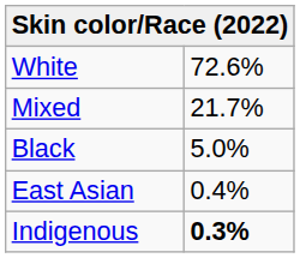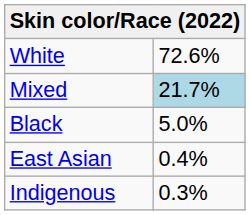 <table class="wikitable" table style="border:1px #000000;" cellspacing="0" align="centre" style="margin-left: 1em">
 <tr>
 <th style="background:#f0f0f0;" colspan="2">Skin color/Race (2022)</th>
 </tr>
 <tr>
 <td><a href='#'>White</a></td>
 <td>72.6%</td>
 </tr>
 <tr>
 <td><a href='#'>Mixed</a></td>
-<td>21.7%</td>
+<td style="background: lightblue;">21.7%</td>
 </tr>
 <tr>
 <td><a href='#'>Black</a></td>
 <td>5.0%</td>
 </tr>
 <tr>
 <td><a href='#'>East Asian</a></td>
 <td>0.4%</td>
 </tr>
 <tr>
 <td><a href='#'>Indigenous</a></td>
-<td><strong>0.3%</strong></td>
+<td>0.3%</td>
 </tr>
 </table>
